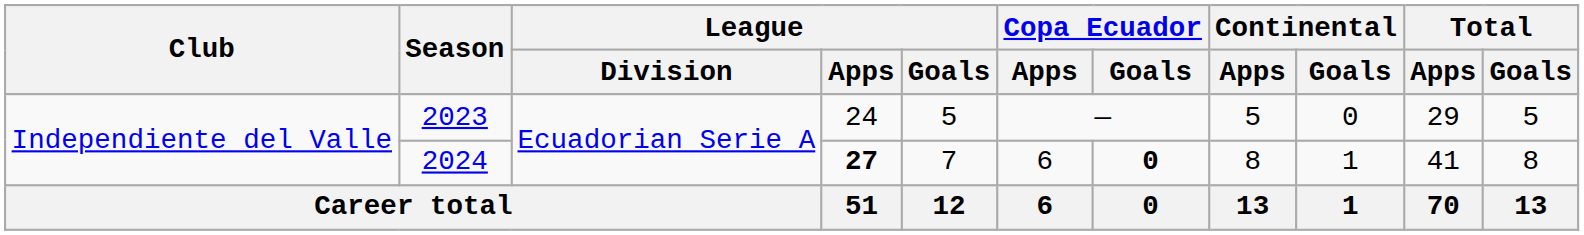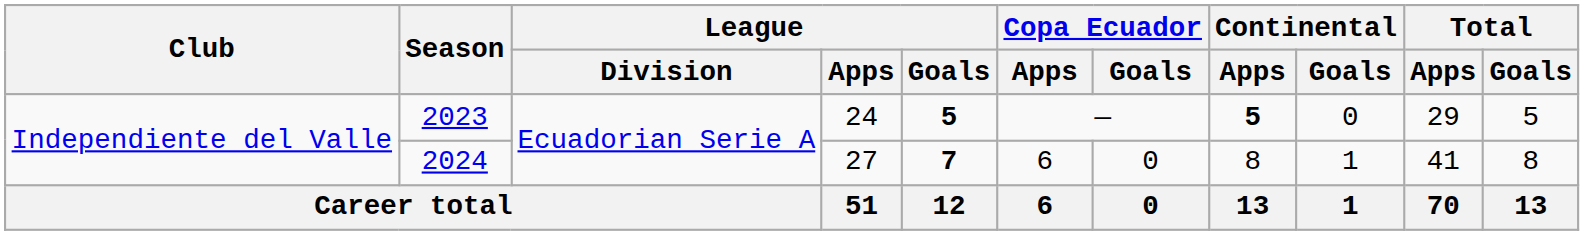 <table class=wikitable style=text-align:center>
 <tr>
 <th rowspan=2>Club</th>
 <th rowspan=2>Season</th>
 <th colspan=3>League</th>
 <th colspan=2><a href='#'>Copa Ecuador</a></th>
 <th colspan=2>Continental</th>
 <th colspan=2>Total</th>
 </tr>
 <tr>
 <th>Division</th>
 <th>Apps</th>
 <th>Goals</th>
 <th>Apps</th>
 <th>Goals</th>
 <th>Apps</th>
 <th>Goals</th>
 <th>Apps</th>
 <th>Goals</th>
 </tr>
 <tr>
 <td rowspan="2"><a href='#'>Independiente del Valle</a></td>
 <td><a href='#'>2023</a></td>
 <td rowspan="2"><a href='#'>Ecuadorian Serie A</a></td>
 <td>24</td>
-<td>5</td>
+<td><strong>5</strong></td>
 <td colspan="2">—</td>
-<td>5</td>
+<td><strong>5</strong></td>
 <td>0</td>
 <td>29</td>
 <td>5</td>
 </tr>
 <tr>
 <td><a href='#'>2024</a></td>
-<td><strong>27</strong></td>
-<td>7</td>
+<td>27</td>
+<td><strong>7</strong></td>
 <td>6</td>
-<td><strong>0</strong></td>
+<td>0</td>
 <td>8</td>
 <td>1</td>
 <td>41</td>
 <td>8</td>
 </tr>
 <tr>
 <th colspan=3>Career total</th>
 <th>51</th>
 <th>12</th>
 <th>6</th>
 <th>0</th>
 <th>13</th>
 <th>1</th>
 <th>70</th>
 <th>13</th>
 </tr>
 </table>
